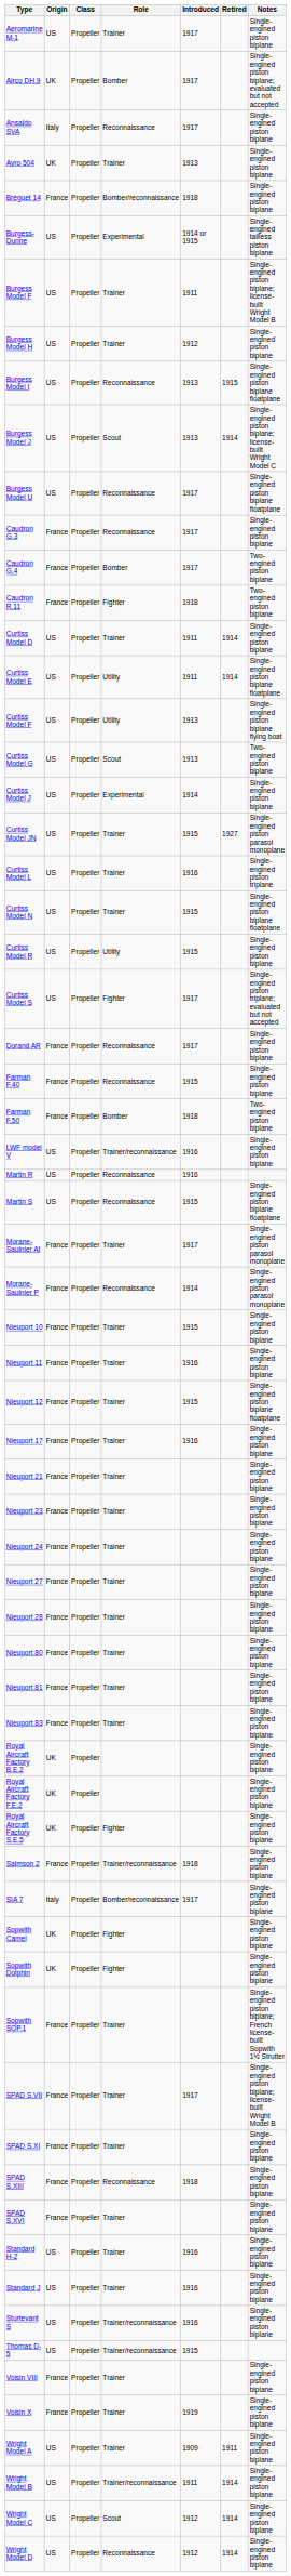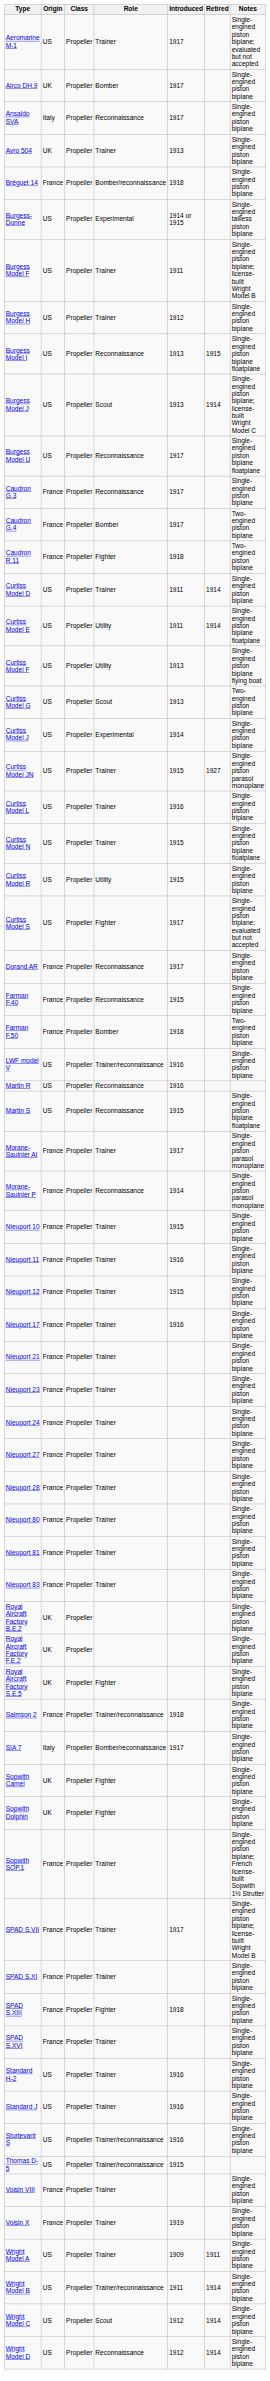 <table class="wikitable sortable">
 <tr>
 <th>Type</th>
 <th>Origin</th>
 <th>Class</th>
 <th>Role</th>
 <th>Introduced</th>
 <th>Retired</th>
 <th>Notes</th>
 </tr>
 <tr>
 <td><a href='#'>Aeromarine M-1</a></td>
 <td>US</td>
 <td>Propeller</td>
 <td>Trainer</td>
 <td>1917</td>
 <td></td>
-<td>Single-engined piston biplane</td>
+<td>Single-engined piston biplane; evaluated but not accepted</td>
 </tr>
 <tr>
 <td><a href='#'>Airco DH.9</a></td>
 <td>UK</td>
 <td>Propeller</td>
 <td>Bomber</td>
 <td>1917</td>
 <td></td>
-<td>Single-engined piston biplane; evaluated but not accepted</td>
+<td>Single-engined piston biplane</td>
 </tr>
 <tr>
 <td><a href='#'>Ansaldo SVA</a></td>
 <td>Italy</td>
 <td>Propeller</td>
 <td>Reconnaissance</td>
 <td>1917</td>
 <td></td>
 <td>Single-engined piston biplane</td>
 </tr>
 <tr>
 <td><a href='#'>Avro 504</a></td>
 <td>UK</td>
 <td>Propeller</td>
 <td>Trainer</td>
 <td>1913</td>
 <td></td>
 <td>Single-engined piston biplane</td>
 </tr>
 <tr>
 <td><a href='#'>Bréguet 14</a></td>
 <td>France</td>
 <td>Propeller</td>
 <td>Bomber/reconnaissance</td>
 <td>1918</td>
 <td></td>
 <td>Single-engined piston biplane</td>
 </tr>
 <tr>
 <td><a href='#'>Burgess-Dunne</a></td>
 <td>US</td>
 <td>Propeller</td>
 <td>Experimental</td>
 <td>1914 or 1915</td>
 <td></td>
 <td>Single-engined tailless piston biplane</td>
 </tr>
 <tr>
 <td><a href='#'>Burgess Model F</a></td>
 <td>US</td>
 <td>Propeller</td>
 <td>Trainer</td>
 <td>1911</td>
 <td></td>
 <td>Single-engined piston biplane; license-built Wright Model B</td>
 </tr>
 <tr>
 <td><a href='#'>Burgess Model H</a></td>
 <td>US</td>
 <td>Propeller</td>
 <td>Trainer</td>
 <td>1912</td>
 <td></td>
 <td>Single-engined piston biplane</td>
 </tr>
 <tr>
 <td><a href='#'>Burgess Model I</a></td>
 <td>US</td>
 <td>Propeller</td>
 <td>Reconnaissance</td>
 <td>1913</td>
 <td>1915</td>
 <td>Single-engined piston biplane floatplane</td>
 </tr>
 <tr>
 <td><a href='#'>Burgess Model J</a></td>
 <td>US</td>
 <td>Propeller</td>
 <td>Scout</td>
 <td>1913</td>
 <td>1914</td>
 <td>Single-engined piston biplane; license-built Wright Model C</td>
 </tr>
 <tr>
 <td><a href='#'>Burgess Model U</a></td>
 <td>US</td>
 <td>Propeller</td>
 <td>Reconnaissance</td>
 <td>1917</td>
 <td></td>
 <td>Single-engined piston biplane floatplane</td>
 </tr>
 <tr>
 <td><a href='#'>Caudron G.3</a></td>
 <td>France</td>
 <td>Propeller</td>
 <td>Reconnaissance</td>
 <td>1917</td>
 <td></td>
 <td>Single-engined piston biplane</td>
 </tr>
 <tr>
 <td><a href='#'>Caudron G.4</a></td>
 <td>France</td>
 <td>Propeller</td>
 <td>Bomber</td>
 <td>1917</td>
 <td></td>
 <td>Two-engined piston biplane</td>
 </tr>
 <tr>
 <td><a href='#'>Caudron R.11</a></td>
 <td>France</td>
 <td>Propeller</td>
 <td>Fighter</td>
 <td>1918</td>
 <td></td>
 <td>Two-engined piston biplane</td>
 </tr>
 <tr>
 <td><a href='#'>Curtiss Model D</a></td>
 <td>US</td>
 <td>Propeller</td>
 <td>Trainer</td>
 <td>1911</td>
 <td>1914</td>
 <td>Single-engined piston biplane</td>
 </tr>
 <tr>
 <td><a href='#'>Curtiss Model E</a></td>
 <td>US</td>
 <td>Propeller</td>
 <td>Utility</td>
 <td>1911</td>
 <td>1914</td>
 <td>Single-engined piston biplane floatplane</td>
 </tr>
 <tr>
 <td><a href='#'>Curtiss Model F</a></td>
 <td>US</td>
 <td>Propeller</td>
 <td>Utility</td>
 <td>1913</td>
 <td></td>
 <td>Single-engined piston biplane flying boat</td>
 </tr>
 <tr>
 <td><a href='#'>Curtiss Model G</a></td>
 <td>US</td>
 <td>Propeller</td>
 <td>Scout</td>
 <td>1913</td>
 <td></td>
 <td>Two-engined piston biplane</td>
 </tr>
 <tr>
 <td><a href='#'>Curtiss Model J</a></td>
 <td>US</td>
 <td>Propeller</td>
 <td>Experimental</td>
 <td>1914</td>
 <td></td>
 <td>Single-engined piston biplane</td>
 </tr>
 <tr>
 <td><a href='#'>Curtiss Model JN</a></td>
 <td>US</td>
 <td>Propeller</td>
 <td>Trainer</td>
 <td>1915</td>
 <td>1927</td>
 <td>Single-engined piston parasol monoplane</td>
 </tr>
 <tr>
 <td><a href='#'>Curtiss Model L</a></td>
 <td>US</td>
 <td>Propeller</td>
 <td>Trainer</td>
 <td>1916</td>
 <td></td>
 <td>Single-engined piston triplane</td>
 </tr>
 <tr>
 <td><a href='#'>Curtiss Model N</a></td>
 <td>US</td>
 <td>Propeller</td>
 <td>Trainer</td>
 <td>1915</td>
 <td></td>
 <td>Single-engined piston biplane floatplane</td>
 </tr>
 <tr>
 <td><a href='#'>Curtiss Model R</a></td>
 <td>US</td>
 <td>Propeller</td>
 <td>Utility</td>
 <td>1915</td>
 <td></td>
 <td>Single-engined piston biplane</td>
 </tr>
 <tr>
 <td><a href='#'>Curtiss Model S</a></td>
 <td>US</td>
 <td>Propeller</td>
 <td>Fighter</td>
 <td>1917</td>
 <td></td>
 <td>Single-engined piston triplane; evaluated but not accepted</td>
 </tr>
 <tr>
 <td><a href='#'>Dorand AR</a></td>
 <td>France</td>
 <td>Propeller</td>
 <td>Reconnaissance</td>
 <td>1917</td>
 <td></td>
 <td>Single-engined piston biplane</td>
 </tr>
 <tr>
 <td><a href='#'>Farman F.40</a></td>
 <td>France</td>
 <td>Propeller</td>
 <td>Reconnaissance</td>
 <td>1915</td>
 <td></td>
 <td>Single-engined piston biplane</td>
 </tr>
 <tr>
 <td><a href='#'>Farman F.50</a></td>
 <td>France</td>
 <td>Propeller</td>
 <td>Bomber</td>
 <td>1918</td>
 <td></td>
 <td>Two-engined piston biplane</td>
 </tr>
 <tr>
 <td><a href='#'>LWF model V</a></td>
 <td>US</td>
 <td>Propeller</td>
 <td>Trainer/reconnaissance</td>
 <td>1916</td>
 <td></td>
 <td>Single-engined piston biplane</td>
 </tr>
 <tr>
 <td><a href='#'>Martin R</a></td>
 <td>US</td>
 <td>Propeller</td>
 <td>Reconnaissance</td>
 <td>1916</td>
 <td></td>
 <td></td>
 </tr>
 <tr>
 <td><a href='#'>Martin S</a></td>
 <td>US</td>
 <td>Propeller</td>
 <td>Reconnaissance</td>
 <td>1915</td>
 <td></td>
 <td>Single-engined piston biplane floatplane</td>
 </tr>
 <tr>
 <td><a href='#'>Morane-Saulnier AI</a></td>
 <td>France</td>
 <td>Propeller</td>
 <td>Trainer</td>
 <td>1917</td>
 <td></td>
 <td>Single-engined piston parasol monoplane</td>
 </tr>
 <tr>
 <td><a href='#'>Morane-Saulnier P</a></td>
 <td>France</td>
 <td>Propeller</td>
 <td>Reconnaissance</td>
 <td>1914</td>
 <td></td>
 <td>Single-engined piston parasol monoplane</td>
 </tr>
 <tr>
 <td><a href='#'>Nieuport 10</a></td>
 <td>France</td>
 <td>Propeller</td>
 <td>Trainer</td>
 <td>1915</td>
 <td></td>
 <td>Single-engined piston biplane</td>
 </tr>
 <tr>
 <td><a href='#'>Nieuport 11</a></td>
 <td>France</td>
 <td>Propeller</td>
 <td>Trainer</td>
 <td>1916</td>
 <td></td>
 <td>Single-engined piston biplane</td>
 </tr>
 <tr>
 <td><a href='#'>Nieuport 12</a></td>
 <td>France</td>
 <td>Propeller</td>
 <td>Trainer</td>
 <td>1915</td>
 <td></td>
-<td>Single-engined piston biplane floatplane</td>
+<td>Single-engined piston biplane</td>
 </tr>
 <tr>
 <td><a href='#'>Nieuport 17</a></td>
 <td>France</td>
 <td>Propeller</td>
 <td>Trainer</td>
 <td>1916</td>
 <td></td>
 <td>Single-engined piston biplane</td>
 </tr>
 <tr>
 <td><a href='#'>Nieuport 21</a></td>
 <td>France</td>
 <td>Propeller</td>
 <td>Trainer</td>
 <td></td>
 <td></td>
 <td>Single-engined piston biplane</td>
 </tr>
 <tr>
 <td><a href='#'>Nieuport 23</a></td>
 <td>France</td>
 <td>Propeller</td>
 <td>Trainer</td>
 <td></td>
 <td></td>
 <td>Single-engined piston biplane</td>
 </tr>
 <tr>
 <td><a href='#'>Nieuport 24</a></td>
 <td>France</td>
 <td>Propeller</td>
 <td>Trainer</td>
 <td></td>
 <td></td>
 <td>Single-engined piston biplane</td>
 </tr>
 <tr>
 <td><a href='#'>Nieuport 27</a></td>
 <td>France</td>
 <td>Propeller</td>
 <td>Trainer</td>
 <td></td>
 <td></td>
 <td>Single-engined piston biplane</td>
 </tr>
 <tr>
 <td><a href='#'>Nieuport 28</a></td>
 <td>France</td>
 <td>Propeller</td>
 <td>Trainer</td>
 <td></td>
 <td></td>
 <td>Single-engined piston biplane</td>
 </tr>
 <tr>
 <td><a href='#'>Nieuport 80</a></td>
 <td>France</td>
 <td>Propeller</td>
 <td>Trainer</td>
 <td></td>
 <td></td>
 <td>Single-engined piston biplane</td>
 </tr>
 <tr>
 <td><a href='#'>Nieuport 81</a></td>
 <td>France</td>
 <td>Propeller</td>
 <td>Trainer</td>
 <td></td>
 <td></td>
 <td>Single-engined piston biplane</td>
 </tr>
 <tr>
 <td><a href='#'>Nieuport 83</a></td>
 <td>France</td>
 <td>Propeller</td>
 <td>Trainer</td>
 <td></td>
 <td></td>
 <td>Single-engined piston biplane</td>
 </tr>
 <tr>
 <td><a href='#'>Royal Aircraft Factory B.E.2</a></td>
 <td>UK</td>
 <td>Propeller</td>
 <td></td>
 <td></td>
 <td></td>
 <td>Single-engined piston biplane</td>
 </tr>
 <tr>
 <td><a href='#'>Royal Aircraft Factory F.E.2</a></td>
 <td>UK</td>
 <td>Propeller</td>
 <td></td>
 <td></td>
 <td></td>
 <td>Single-engined piston biplane</td>
 </tr>
 <tr>
 <td><a href='#'>Royal Aircraft Factory S.E.5</a></td>
 <td>UK</td>
 <td>Propeller</td>
 <td>Fighter</td>
 <td></td>
 <td></td>
 <td>Single-engined piston biplane</td>
 </tr>
 <tr>
 <td><a href='#'>Salmson 2</a></td>
 <td>France</td>
 <td>Propeller</td>
 <td>Trainer/reconnaissance</td>
 <td>1918</td>
 <td></td>
 <td>Single-engined piston biplane</td>
 </tr>
 <tr>
 <td><a href='#'>SIA 7</a></td>
 <td>Italy</td>
 <td>Propeller</td>
 <td>Bomber/reconnaissance</td>
 <td>1917</td>
 <td></td>
 <td>Single-engined piston biplane</td>
 </tr>
 <tr>
 <td><a href='#'>Sopwith Camel</a></td>
 <td>UK</td>
 <td>Propeller</td>
 <td>Fighter</td>
 <td></td>
 <td></td>
 <td>Single-engined piston biplane</td>
 </tr>
 <tr>
 <td><a href='#'>Sopwith Dolphin</a></td>
 <td>UK</td>
 <td>Propeller</td>
 <td>Fighter</td>
 <td></td>
 <td></td>
 <td>Single-engined piston biplane</td>
 </tr>
 <tr>
 <td><a href='#'>Sopwith SOP.1</a></td>
 <td>France</td>
 <td>Propeller</td>
 <td>Trainer</td>
 <td></td>
 <td></td>
 <td>Single-engined piston biplane; French license-built Sopwith 1½ Strutter</td>
 </tr>
 <tr>
 <td><a href='#'>SPAD S.VII</a></td>
 <td>France</td>
 <td>Propeller</td>
 <td>Trainer</td>
 <td>1917</td>
 <td></td>
 <td>Single-engined piston biplane; license-built Wright Model B</td>
 </tr>
 <tr>
 <td><a href='#'>SPAD S.XI</a></td>
 <td>France</td>
 <td>Propeller</td>
 <td>Trainer</td>
 <td></td>
 <td></td>
 <td>Single-engined piston biplane</td>
 </tr>
 <tr>
 <td><a href='#'>SPAD S.XIII</a></td>
 <td>France</td>
 <td>Propeller</td>
-<td>Reconnaissance</td>
+<td>Fighter</td>
 <td>1918</td>
 <td></td>
 <td>Single-engined piston biplane</td>
 </tr>
 <tr>
 <td><a href='#'>SPAD S.XVI</a></td>
 <td>France</td>
 <td>Propeller</td>
 <td>Trainer</td>
 <td></td>
 <td></td>
 <td>Single-engined piston biplane</td>
 </tr>
 <tr>
 <td><a href='#'>Standard H-2</a></td>
 <td>US</td>
 <td>Propeller</td>
 <td>Trainer</td>
 <td>1916</td>
 <td></td>
 <td>Single-engined piston biplane</td>
 </tr>
 <tr>
 <td><a href='#'>Standard J</a></td>
 <td>US</td>
 <td>Propeller</td>
 <td>Trainer</td>
 <td>1916</td>
 <td></td>
 <td>Single-engined piston biplane</td>
 </tr>
 <tr>
 <td><a href='#'>Sturtevant S</a></td>
 <td>US</td>
 <td>Propeller</td>
 <td>Trainer/reconnaissance</td>
 <td>1916</td>
 <td></td>
 <td>Single-engined piston biplane</td>
 </tr>
 <tr>
 <td><a href='#'>Thomas D-5</a></td>
 <td>US</td>
 <td>Propeller</td>
 <td>Trainer/reconnaissance</td>
 <td>1915</td>
 <td></td>
 <td></td>
 </tr>
 <tr>
 <td><a href='#'>Voisin VIII</a></td>
 <td>France</td>
 <td>Propeller</td>
 <td>Trainer</td>
 <td></td>
 <td></td>
 <td>Single-engined piston biplane</td>
 </tr>
 <tr>
 <td><a href='#'>Voisin X</a></td>
 <td>France</td>
 <td>Propeller</td>
 <td>Trainer</td>
 <td>1919</td>
 <td></td>
 <td>Single-engined piston biplane</td>
 </tr>
 <tr>
 <td><a href='#'>Wright Model A</a></td>
 <td>US</td>
 <td>Propeller</td>
 <td>Trainer</td>
 <td>1909</td>
 <td>1911</td>
 <td>Single-engined piston biplane</td>
 </tr>
 <tr>
 <td><a href='#'>Wright Model B</a></td>
 <td>US</td>
 <td>Propeller</td>
 <td>Trainer/reconnaissance</td>
 <td>1911</td>
 <td>1914</td>
 <td>Single-engined piston biplane</td>
 </tr>
 <tr>
 <td><a href='#'>Wright Model C</a></td>
 <td>US</td>
 <td>Propeller</td>
 <td>Scout</td>
 <td>1912</td>
 <td>1914</td>
 <td>Single-engined piston biplane</td>
 </tr>
 <tr>
 <td><a href='#'>Wright Model D</a></td>
 <td>US</td>
 <td>Propeller</td>
 <td>Reconnaissance</td>
 <td>1912</td>
 <td>1914</td>
 <td>Single-engined piston biplane</td>
 </tr>
 </table>
